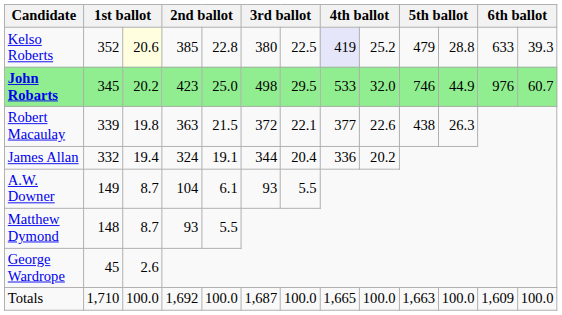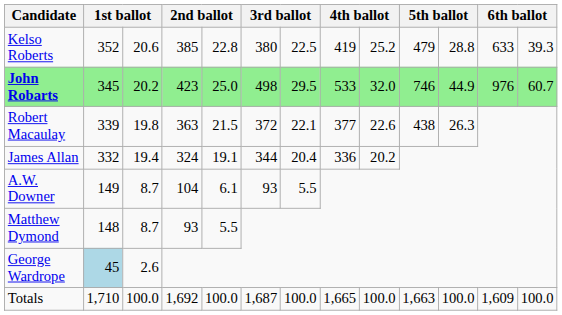 <table class="wikitable" style="text-align:right">
 <tr>
 <th>Candidate</th>
 <th colspan = "2">1st ballot</th>
 <th colspan = "2">2nd ballot</th>
 <th colspan = "2">3rd ballot</th>
 <th colspan = "2">4th ballot</th>
 <th colspan = "2">5th ballot</th>
 <th colspan = "2">6th ballot</th>
 </tr>
 <tr>
 <td style="text-align:left"><a href='#'>Kelso Roberts</a></td>
 <td>352</td>
-<td style="background: lightyellow;">20.6</td>
+<td>20.6</td>
 <td>385</td>
 <td>22.8</td>
 <td>380</td>
 <td>22.5</td>
-<td style="background: lavender;">419</td>
+<td>419</td>
 <td>25.2</td>
 <td>479</td>
 <td>28.8</td>
 <td>633</td>
 <td>39.3</td>
 </tr>
 <tr style="background-color:lightgreen;">
 <td style="text-align:left"><strong><a href='#'>John Robarts</a></strong></td>
 <td>345</td>
 <td>20.2</td>
 <td>423</td>
 <td>25.0</td>
 <td>498</td>
 <td>29.5</td>
 <td>533</td>
 <td>32.0</td>
 <td>746</td>
 <td>44.9</td>
 <td>976</td>
 <td>60.7</td>
 </tr>
 <tr>
 <td style="text-align:left"><a href='#'>Robert Macaulay</a></td>
 <td>339</td>
 <td>19.8</td>
 <td>363</td>
 <td>21.5</td>
 <td>372</td>
 <td>22.1</td>
 <td>377</td>
 <td>22.6</td>
 <td>438</td>
 <td>26.3</td>
 </tr>
 <tr>
 <td style="text-align:left"><a href='#'>James Allan</a></td>
 <td>332</td>
 <td>19.4</td>
 <td>324</td>
 <td>19.1</td>
 <td>344</td>
 <td>20.4</td>
 <td>336</td>
 <td>20.2</td>
 </tr>
 <tr>
 <td style="text-align:left"><a href='#'>A.W. Downer</a></td>
 <td>149</td>
 <td>8.7</td>
 <td>104</td>
 <td>6.1</td>
 <td>93</td>
 <td>5.5</td>
 </tr>
 <tr>
 <td style="text-align:left"><a href='#'>Matthew Dymond</a></td>
 <td>148</td>
 <td>8.7</td>
 <td>93</td>
 <td>5.5</td>
 </tr>
 <tr>
 <td style="text-align:left"><a href='#'>George Wardrope</a></td>
-<td>45</td>
+<td style="background: lightblue;">45</td>
 <td>2.6</td>
 </tr>
 <tr>
 <td style="text-align:left">Totals</td>
 <td>1,710</td>
 <td>100.0</td>
 <td>1,692</td>
 <td>100.0</td>
 <td>1,687</td>
 <td>100.0</td>
 <td>1,665</td>
 <td>100.0</td>
 <td>1,663</td>
 <td>100.0</td>
 <td>1,609</td>
 <td>100.0</td>
 </tr>
 </table>
